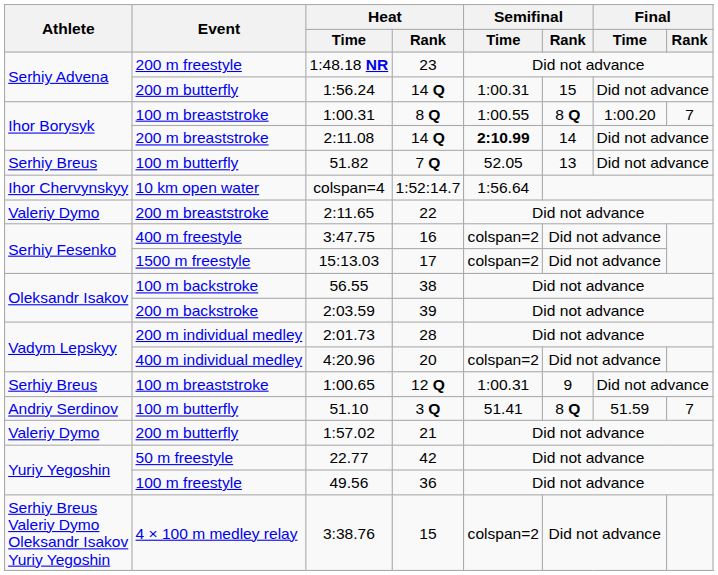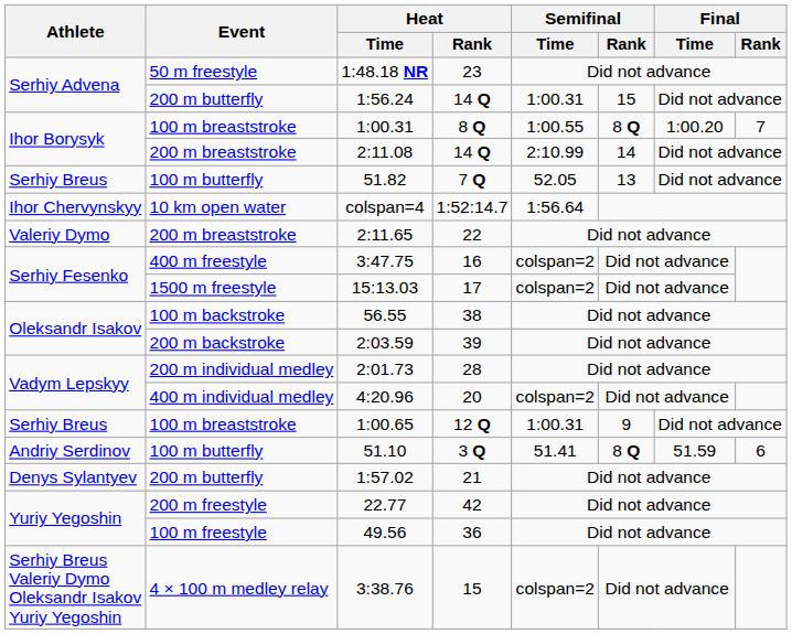 <table class=wikitable style="font-size:90%">
 <tr>
 <th rowspan="2">Athlete</th>
 <th rowspan="2">Event</th>
 <th colspan="2">Heat</th>
 <th colspan="2">Semifinal</th>
 <th colspan="2">Final</th>
 </tr>
 <tr style="font-size:95%">
 <th>Time</th>
 <th>Rank</th>
 <th>Time</th>
 <th>Rank</th>
 <th>Time</th>
 <th>Rank</th>
 </tr>
 <tr align=center>
 <td align=left rowspan=2><a href='#'>Serhiy Advena</a></td>
-<td align=left><a href='#'>200 m freestyle</a></td>
+<td align=left><a href='#'>50 m freestyle</a></td>
 <td>1:48.18 <strong><a href='#'>NR</a></strong></td>
 <td>23</td>
 <td colspan=4>Did not advance</td>
 </tr>
 <tr align=center>
 <td align=left><a href='#'>200 m butterfly</a></td>
 <td>1:56.24</td>
 <td>14 <strong>Q</strong></td>
 <td>1:00.31</td>
 <td>15</td>
 <td colspan=2>Did not advance</td>
 </tr>
 <tr align=center>
 <td align=left rowspan=2><a href='#'>Ihor Borysyk</a></td>
 <td align=left><a href='#'>100 m breaststroke</a></td>
 <td>1:00.31</td>
 <td>8 <strong>Q</strong></td>
 <td>1:00.55</td>
 <td>8 <strong>Q</strong></td>
 <td>1:00.20</td>
 <td>7</td>
 </tr>
 <tr align=center>
 <td align=left><a href='#'>200 m breaststroke</a></td>
 <td>2:11.08</td>
 <td>14 <strong>Q</strong></td>
-<td><strong>2:10.99</strong></td>
+<td>2:10.99</td>
 <td>14</td>
 <td colspan=2>Did not advance</td>
 </tr>
 <tr align=center>
 <td align=left><a href='#'>Serhiy Breus</a></td>
 <td align=left><a href='#'>100 m butterfly</a></td>
 <td>51.82</td>
 <td>7 <strong>Q</strong></td>
 <td>52.05</td>
 <td>13</td>
 <td colspan=2>Did not advance</td>
 </tr>
 <tr align=center>
 <td align=left><a href='#'>Ihor Chervynskyy</a></td>
 <td align=left><a href='#'>10 km open water</a></td>
 <td>colspan=4 </td>
 <td>1:52:14.7</td>
 <td>1:56.64</td>
 </tr>
 <tr align=center>
 <td align=left><a href='#'>Valeriy Dymo</a></td>
 <td align=left><a href='#'>200 m breaststroke</a></td>
 <td>2:11.65</td>
 <td>22</td>
 <td colspan=4>Did not advance</td>
 </tr>
 <tr align=center>
 <td align=left rowspan=2><a href='#'>Serhiy Fesenko</a></td>
 <td align=left><a href='#'>400 m freestyle</a></td>
 <td>3:47.75</td>
 <td>16</td>
 <td>colspan=2 </td>
 <td colspan=2>Did not advance</td>
 </tr>
 <tr align=center>
 <td align=left><a href='#'>1500 m freestyle</a></td>
 <td>15:13.03</td>
 <td>17</td>
 <td>colspan=2 </td>
 <td colspan=2>Did not advance</td>
 </tr>
 <tr align=center>
 <td align=left rowspan=2><a href='#'>Oleksandr Isakov</a></td>
 <td align=left><a href='#'>100 m backstroke</a></td>
 <td>56.55</td>
 <td>38</td>
 <td colspan=4>Did not advance</td>
 </tr>
 <tr align=center>
 <td align=left><a href='#'>200 m backstroke</a></td>
 <td>2:03.59</td>
 <td>39</td>
 <td colspan=4>Did not advance</td>
 </tr>
 <tr align=center>
 <td align=left rowspan=2><a href='#'>Vadym Lepskyy</a></td>
 <td align=left><a href='#'>200 m individual medley</a></td>
 <td>2:01.73</td>
 <td>28</td>
 <td colspan=4>Did not advance</td>
 </tr>
 <tr align=center>
 <td align=left><a href='#'>400 m individual medley</a></td>
 <td>4:20.96</td>
 <td>20</td>
 <td>colspan=2 </td>
 <td colspan=2>Did not advance</td>
 </tr>
 <tr align=center>
 <td align=left><a href='#'>Serhiy Breus</a></td>
 <td align=left><a href='#'>100 m breaststroke</a></td>
 <td>1:00.65</td>
 <td>12 <strong>Q</strong></td>
 <td>1:00.31</td>
 <td>9</td>
 <td colspan=2>Did not advance</td>
 </tr>
 <tr align=center>
 <td align=left><a href='#'>Andriy Serdinov</a></td>
 <td align=left><a href='#'>100 m butterfly</a></td>
 <td>51.10</td>
 <td>3 <strong>Q</strong></td>
 <td>51.41</td>
 <td>8 <strong>Q</strong></td>
 <td>51.59</td>
-<td>7</td>
+<td>6</td>
 </tr>
 <tr align=center>
-<td align=left><a href='#'>Valeriy Dymo</a></td>
+<td align=left><a href='#'>Denys Sylantyev</a></td>
 <td align=left><a href='#'>200 m butterfly</a></td>
 <td>1:57.02</td>
 <td>21</td>
 <td colspan=4>Did not advance</td>
 </tr>
 <tr align=center>
 <td align=left rowspan=2><a href='#'>Yuriy Yegoshin</a></td>
-<td align=left><a href='#'>50 m freestyle</a></td>
+<td align=left><a href='#'>200 m freestyle</a></td>
 <td>22.77</td>
 <td>42</td>
 <td colspan=4>Did not advance</td>
 </tr>
 <tr align=center>
 <td align=left><a href='#'>100 m freestyle</a></td>
 <td>49.56</td>
 <td>36</td>
 <td colspan=4>Did not advance</td>
 </tr>
 <tr align=center>
 <td align=left><a href='#'>Serhiy Breus</a><br> <a href='#'>Valeriy Dymo</a><br> <a href='#'>Oleksandr Isakov</a> <br> <a href='#'>Yuriy Yegoshin</a></td>
 <td align=left><a href='#'>4 × 100 m medley relay</a></td>
 <td>3:38.76</td>
 <td>15</td>
 <td>colspan=2 </td>
 <td colspan=2>Did not advance</td>
 </tr>
 </table>
